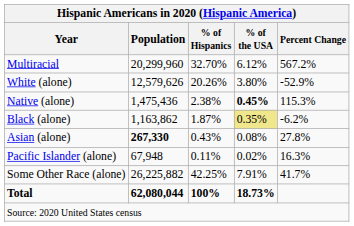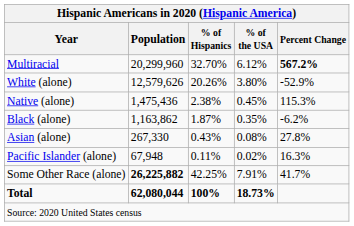 <table class="wikitable">
 <tr>
 <th colspan="8">Hispanic Americans in 2020 (<a href='#'>Hispanic America</a>)</th>
 </tr>
 <tr>
 <th>Year</th>
 <th>Population</th>
 <th><small>% of</small><br><small>Hispanics</small></th>
 <th><small>% of</small><br><small>the USA</small></th>
 <th><small>Percent Change</small></th>
 </tr>
 <tr>
 <td><a href='#'>Multiracial</a></td>
 <td>20,299,960</td>
 <td>32.70%</td>
 <td>6.12%</td>
-<td>567.2%</td>
+<td><strong>567.2%</strong></td>
 </tr>
 <tr>
 <td><a href='#'>White</a> (alone)</td>
 <td>12,579,626</td>
 <td>20.26%</td>
 <td>3.80%</td>
 <td>-52.9%</td>
 </tr>
 <tr>
 <td><a href='#'>Native</a> (alone)</td>
 <td>1,475,436</td>
 <td>2.38%</td>
-<td><strong>0.45%</strong></td>
+<td>0.45%</td>
 <td>115.3%</td>
 </tr>
 <tr>
 <td><a href='#'>Black</a> (alone)</td>
 <td>1,163,862</td>
 <td>1.87%</td>
-<td style="background: khaki;">0.35%</td>
+<td>0.35%</td>
 <td>-6.2%</td>
 </tr>
 <tr>
 <td><a href='#'>Asian</a> (alone)</td>
-<td><strong>267,330</strong></td>
+<td>267,330</td>
 <td>0.43%</td>
 <td>0.08%</td>
 <td>27.8%</td>
 </tr>
 <tr>
 <td><a href='#'>Pacific Islander</a> (alone)</td>
 <td>67,948</td>
 <td>0.11%</td>
 <td>0.02%</td>
 <td>16.3%</td>
 </tr>
 <tr>
 <td>Some Other Race  (alone)</td>
-<td>26,225,882</td>
+<td><strong>26,225,882</strong></td>
 <td>42.25%</td>
 <td>7.91%</td>
 <td>41.7%</td>
 </tr>
 <tr>
 <td><strong>Total</strong></td>
 <td><strong>62,080,044</strong></td>
 <td><strong>100%</strong></td>
 <td><strong>18.73%</strong></td>
 <td></td>
 </tr>
 <tr>
 <td colspan="8"><small>Source: 2020 United States census</small></td>
 </tr>
 </table>
